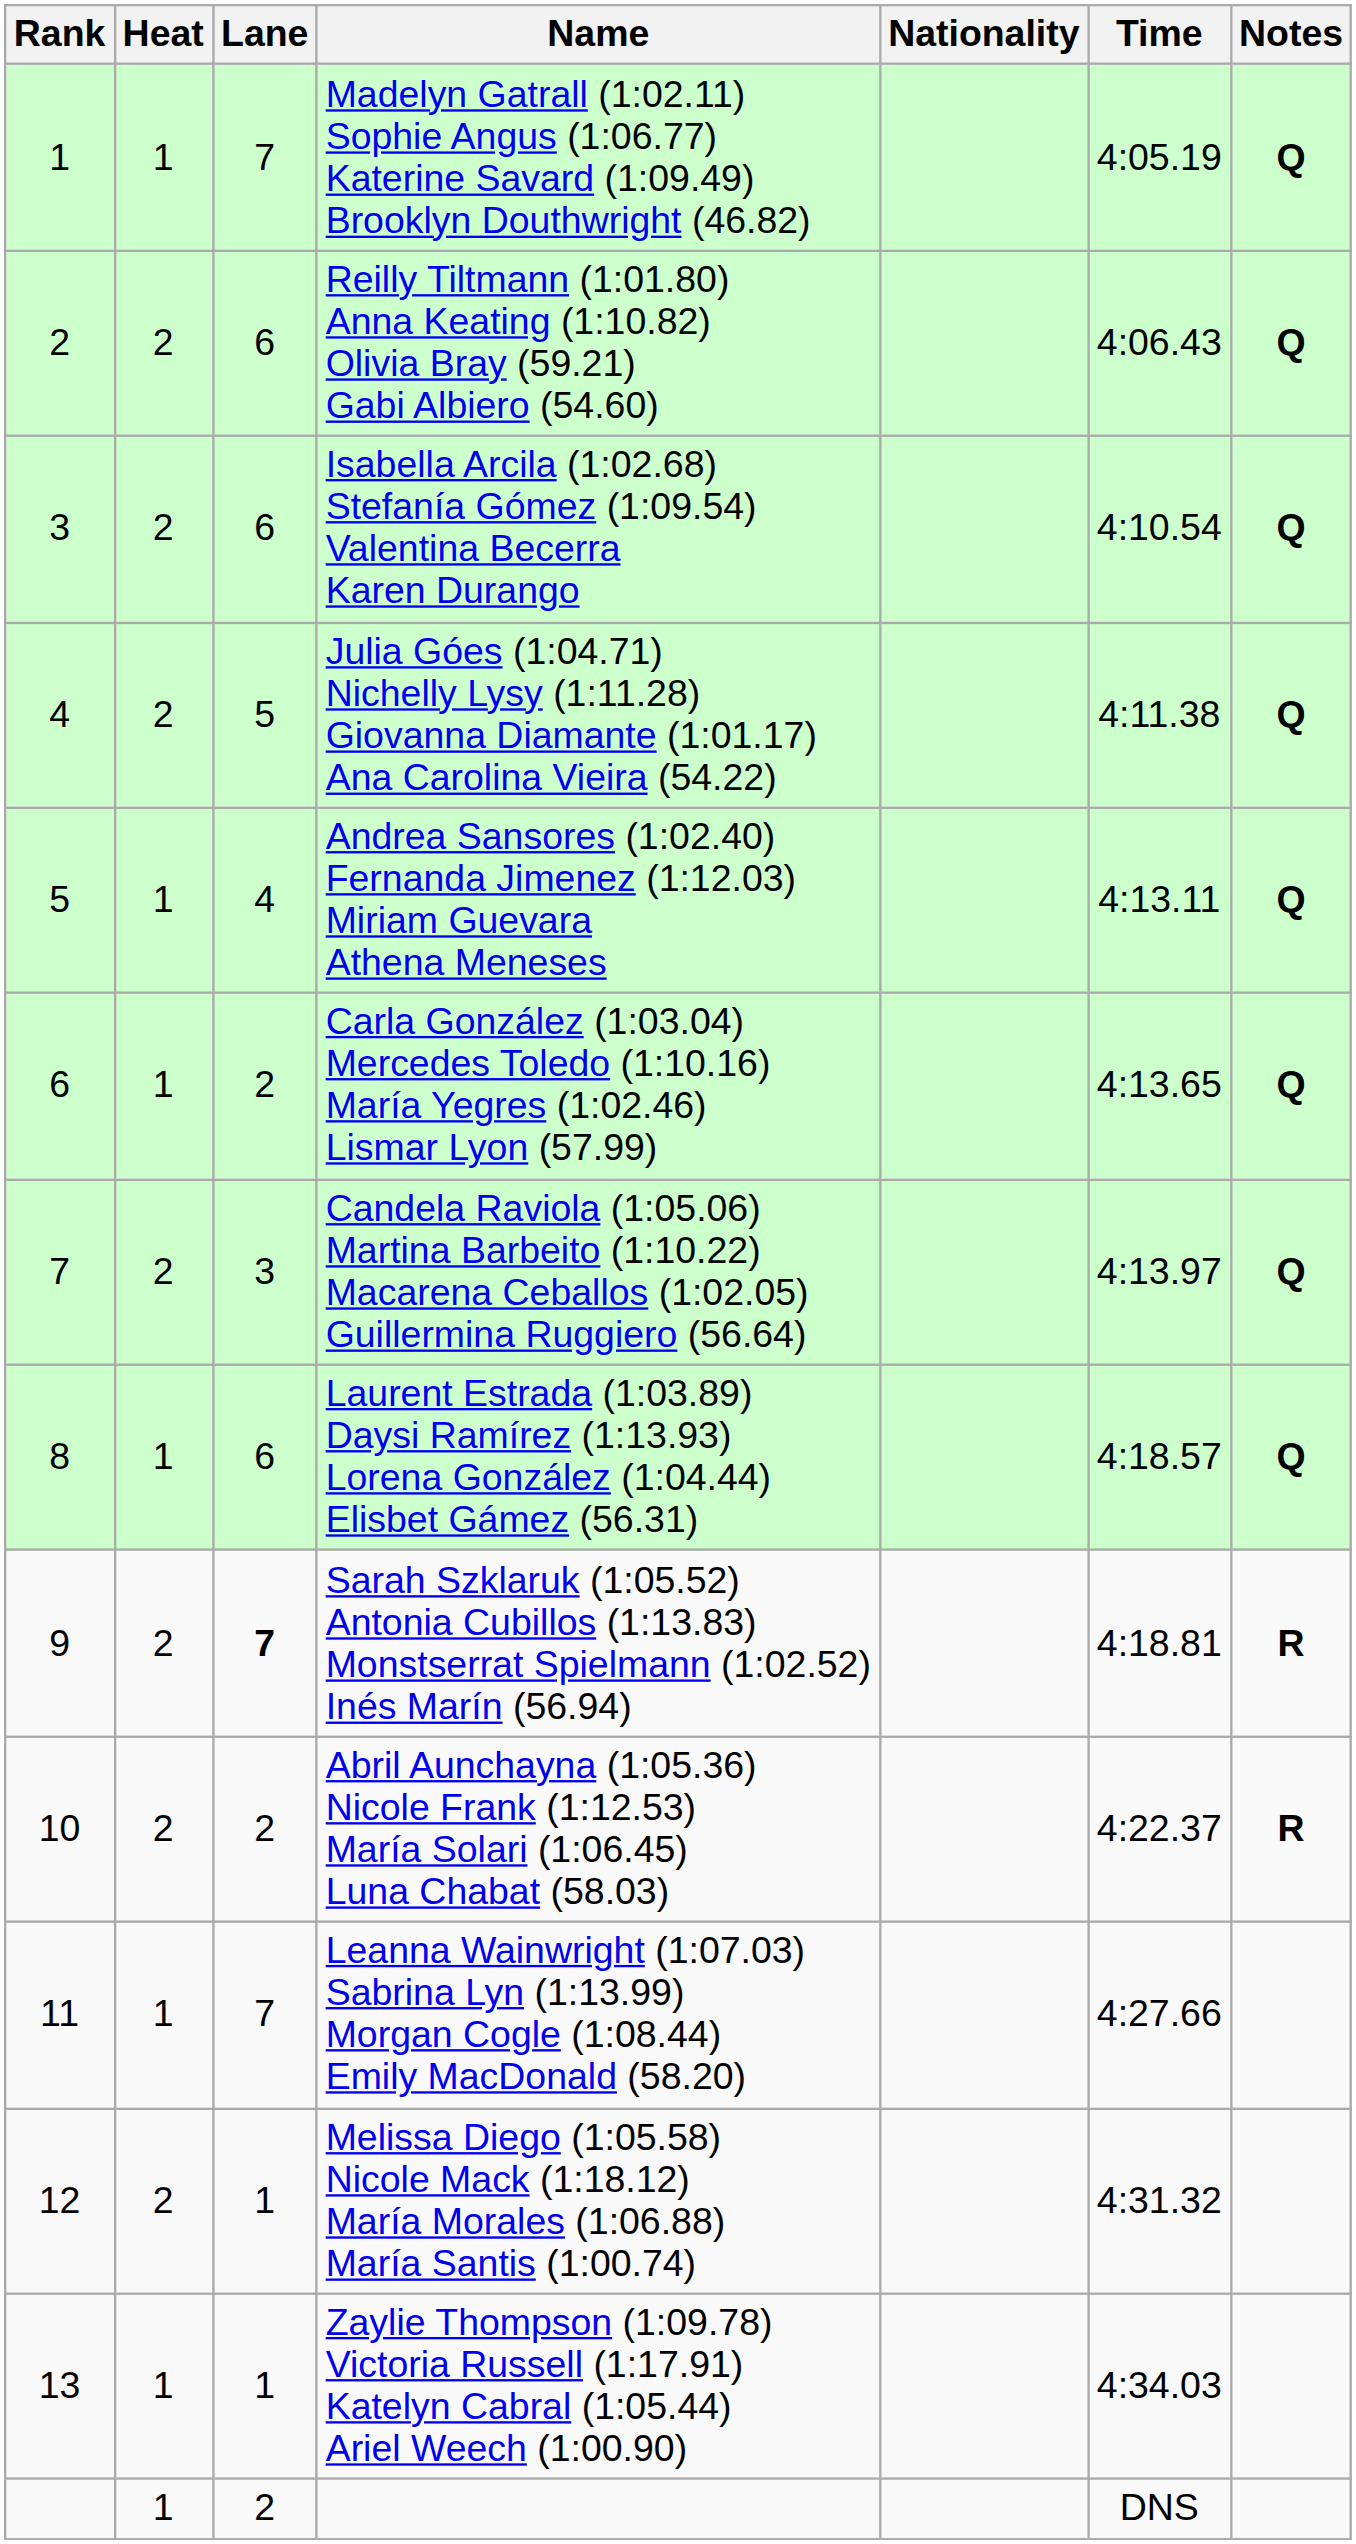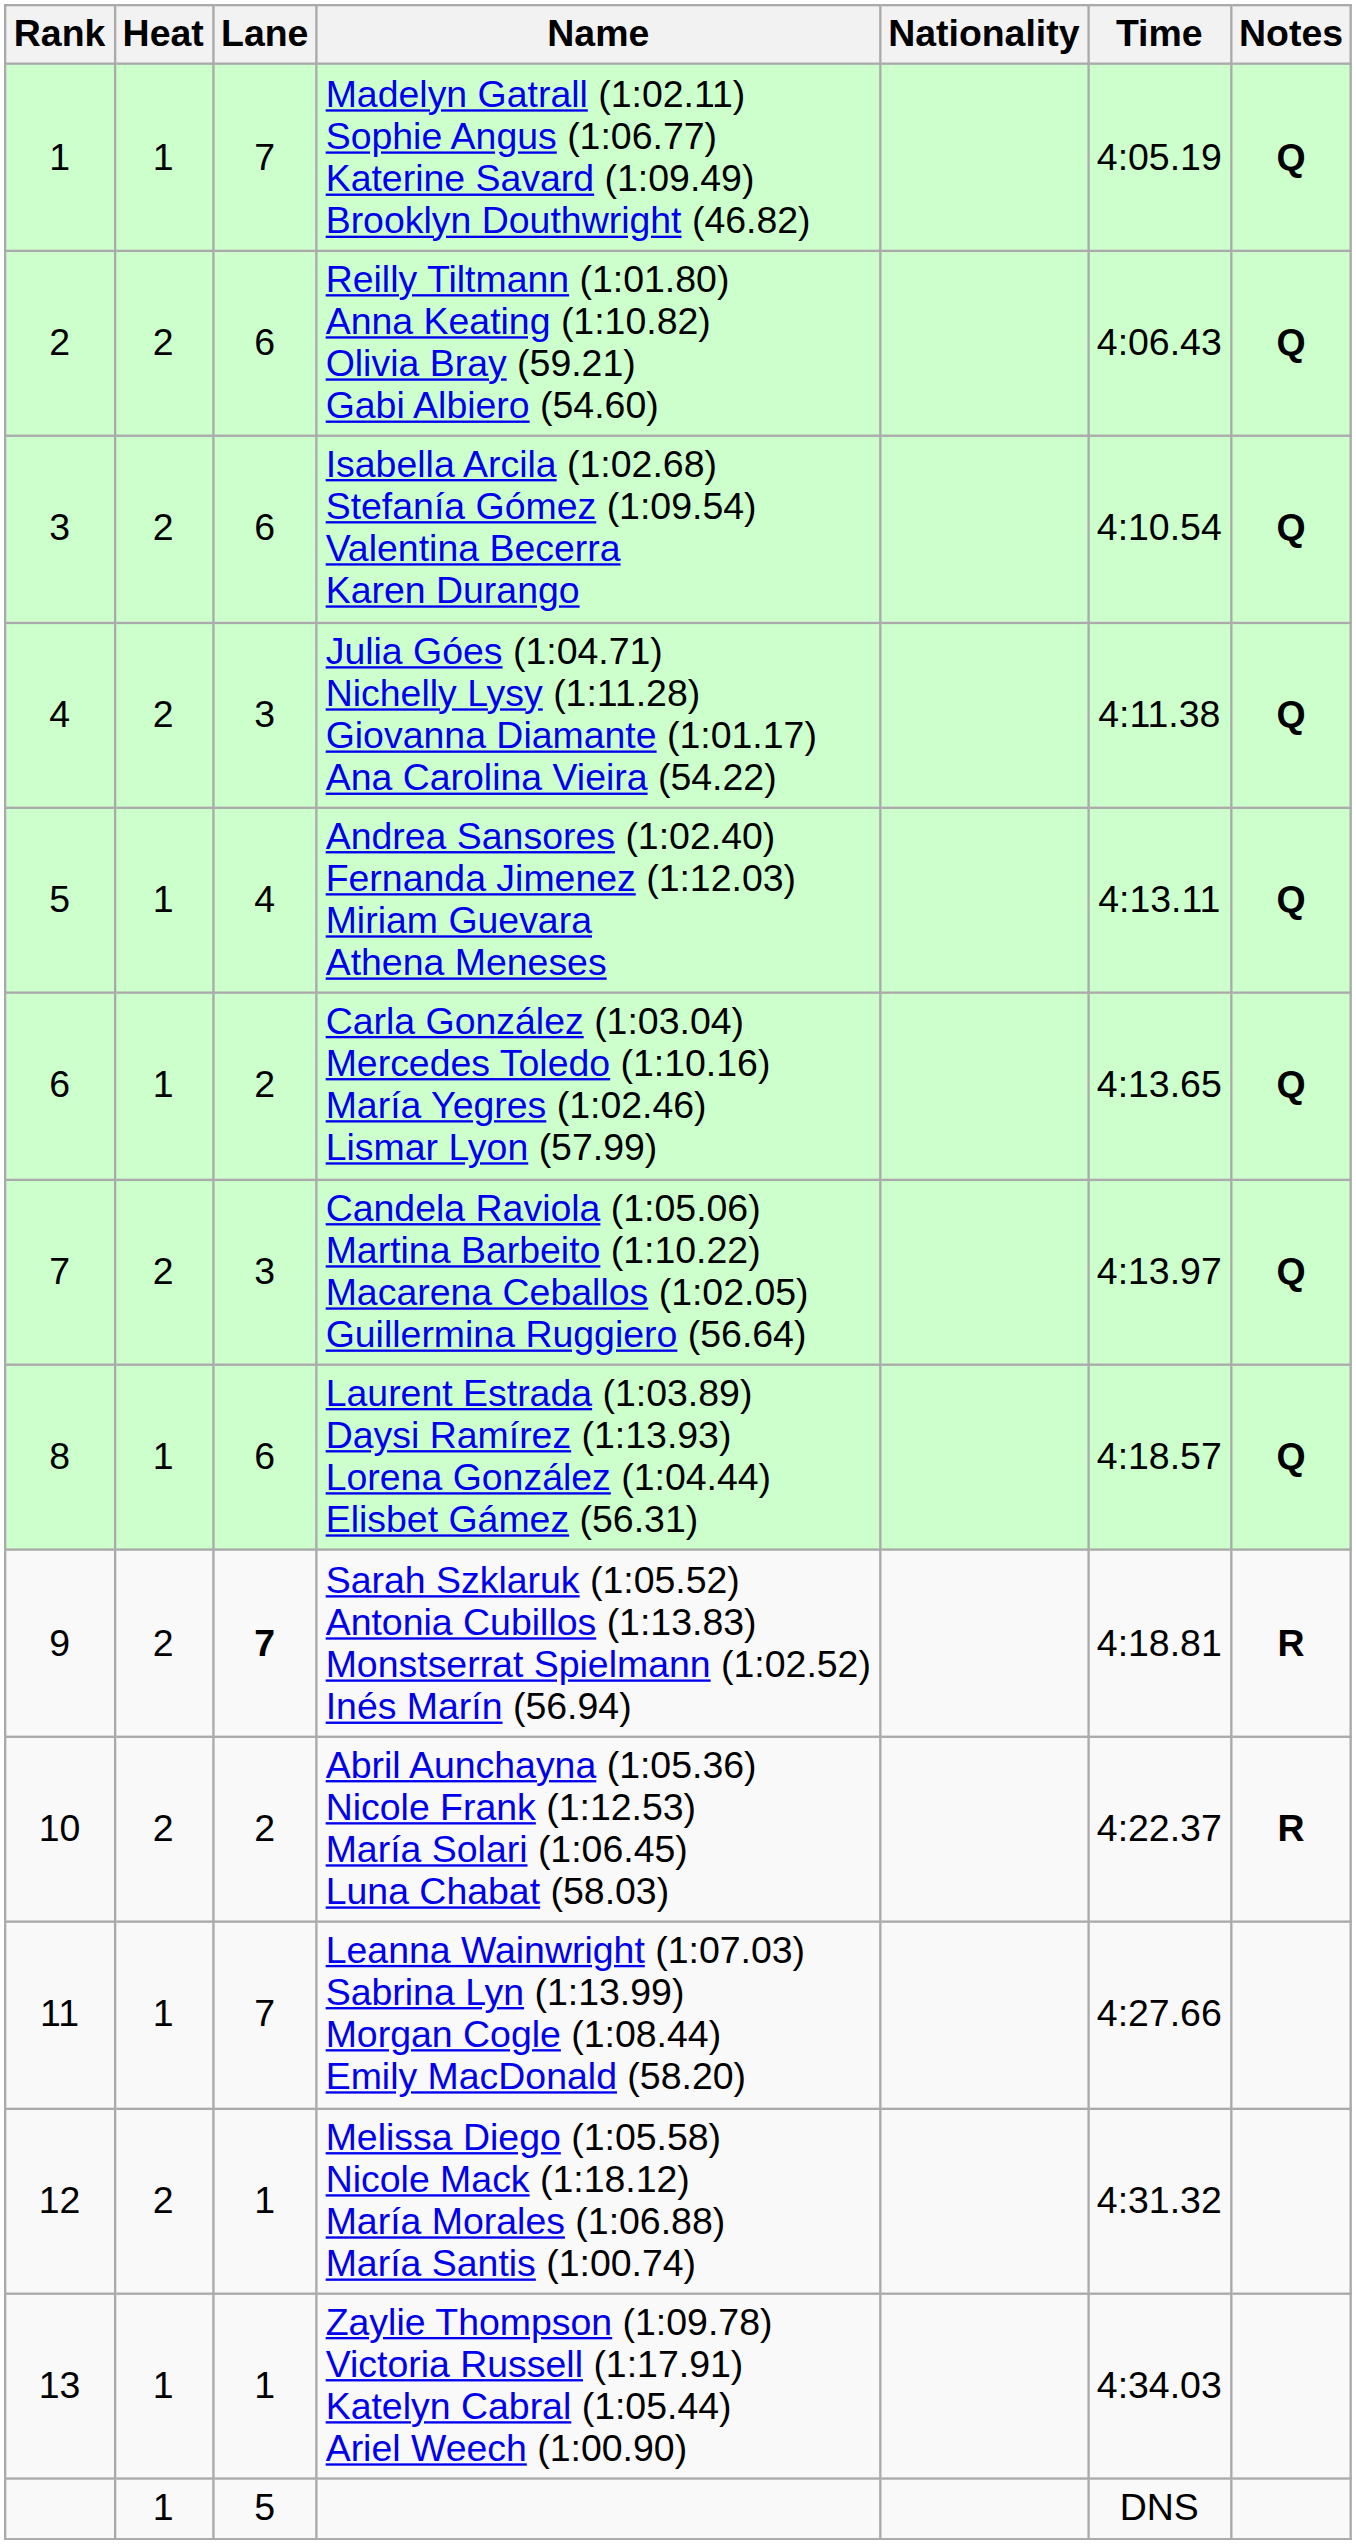 <table class="wikitable sortable" style="text-align:center">
 <tr>
 <th>Rank</th>
 <th>Heat</th>
 <th>Lane</th>
 <th>Name</th>
 <th>Nationality</th>
 <th>Time</th>
 <th>Notes</th>
 </tr>
 <tr bgcolor="ccffcc">
 <td>1</td>
 <td>1</td>
 <td>7</td>
 <td align="left"><a href='#'>Madelyn Gatrall</a> (1:02.11)<br><a href='#'>Sophie Angus</a> (1:06.77)<br><a href='#'>Katerine Savard</a> (1:09.49)<br><a href='#'>Brooklyn Douthwright</a> (46.82)</td>
 <td align="left"></td>
 <td>4:05.19</td>
 <td><strong>Q</strong></td>
 </tr>
 <tr bgcolor="ccffcc">
 <td>2</td>
 <td>2</td>
 <td>6</td>
 <td align="left"><a href='#'>Reilly Tiltmann</a> (1:01.80)<br><a href='#'>Anna Keating</a> (1:10.82)<br><a href='#'>Olivia Bray</a> (59.21)<br><a href='#'>Gabi Albiero</a> (54.60)</td>
 <td align="left"></td>
 <td>4:06.43</td>
 <td><strong>Q</strong></td>
 </tr>
 <tr bgcolor="ccffcc">
 <td>3</td>
 <td>2</td>
 <td>6</td>
 <td align="left"><a href='#'>Isabella Arcila</a> (1:02.68)<br><a href='#'>Stefanía Gómez</a> (1:09.54)<br><a href='#'>Valentina Becerra</a><br><a href='#'>Karen Durango</a></td>
 <td align="left"></td>
 <td>4:10.54</td>
 <td><strong>Q</strong></td>
 </tr>
 <tr bgcolor="ccffcc">
 <td>4</td>
 <td>2</td>
-<td>5</td>
+<td>3</td>
 <td align="left"><a href='#'>Julia Góes</a> (1:04.71)<br><a href='#'>Nichelly Lysy</a> (1:11.28)<br><a href='#'>Giovanna Diamante</a> (1:01.17)<br><a href='#'>Ana Carolina Vieira</a> (54.22)</td>
 <td align="left"></td>
 <td>4:11.38</td>
 <td><strong>Q</strong></td>
 </tr>
 <tr bgcolor="ccffcc">
 <td>5</td>
 <td>1</td>
 <td>4</td>
 <td align="left"><a href='#'>Andrea Sansores</a> (1:02.40)<br><a href='#'>Fernanda Jimenez</a> (1:12.03)<br><a href='#'>Miriam Guevara</a><br><a href='#'>Athena Meneses</a></td>
 <td align="left"></td>
 <td>4:13.11</td>
 <td><strong>Q</strong></td>
 </tr>
 <tr bgcolor="ccffcc">
 <td>6</td>
 <td>1</td>
 <td>2</td>
 <td align="left"><a href='#'>Carla González</a> (1:03.04)<br><a href='#'>Mercedes Toledo</a> (1:10.16)<br><a href='#'>María Yegres</a> (1:02.46)<br><a href='#'>Lismar Lyon</a> (57.99)</td>
 <td align="left"></td>
 <td>4:13.65</td>
 <td><strong>Q</strong></td>
 </tr>
 <tr bgcolor="ccffcc">
 <td>7</td>
 <td>2</td>
 <td>3</td>
 <td align="left"><a href='#'>Candela Raviola</a> (1:05.06)<br><a href='#'>Martina Barbeito</a> (1:10.22)<br><a href='#'>Macarena Ceballos</a> (1:02.05)<br><a href='#'>Guillermina Ruggiero</a> (56.64)</td>
 <td align="left"></td>
 <td>4:13.97</td>
 <td><strong>Q</strong></td>
 </tr>
 <tr bgcolor="ccffcc">
 <td>8</td>
 <td>1</td>
 <td>6</td>
 <td align="left"><a href='#'>Laurent Estrada</a> (1:03.89)<br><a href='#'>Daysi Ramírez</a> (1:13.93)<br><a href='#'>Lorena González</a> (1:04.44)<br><a href='#'>Elisbet Gámez</a> (56.31)</td>
 <td align="left"></td>
 <td>4:18.57</td>
 <td><strong>Q</strong></td>
 </tr>
 <tr>
 <td>9</td>
 <td>2</td>
 <td><strong>7</strong></td>
 <td align="left"><a href='#'>Sarah Szklaruk</a> (1:05.52)<br><a href='#'>Antonia Cubillos</a> (1:13.83)<br><a href='#'>Monstserrat Spielmann</a> (1:02.52)<br><a href='#'>Inés Marín</a> (56.94)</td>
 <td align="left"></td>
 <td>4:18.81</td>
 <td><strong>R</strong></td>
 </tr>
 <tr>
 <td>10</td>
 <td>2</td>
 <td>2</td>
 <td align="left"><a href='#'>Abril Aunchayna</a> (1:05.36)<br><a href='#'>Nicole Frank</a> (1:12.53)<br><a href='#'>María Solari</a> (1:06.45)<br><a href='#'>Luna Chabat</a> (58.03)</td>
 <td align="left"></td>
 <td>4:22.37</td>
 <td><strong>R</strong></td>
 </tr>
 <tr>
 <td>11</td>
 <td>1</td>
 <td>7</td>
 <td align="left"><a href='#'>Leanna Wainwright</a> (1:07.03)<br><a href='#'>Sabrina Lyn</a> (1:13.99)<br><a href='#'>Morgan Cogle</a> (1:08.44)<br><a href='#'>Emily MacDonald</a> (58.20)</td>
 <td align="left"></td>
 <td>4:27.66</td>
 <td></td>
 </tr>
 <tr>
 <td>12</td>
 <td>2</td>
 <td>1</td>
 <td align="left"><a href='#'>Melissa Diego</a> (1:05.58)<br><a href='#'>Nicole Mack</a> (1:18.12)<br><a href='#'>María Morales</a> (1:06.88)<br><a href='#'>María Santis</a> (1:00.74)</td>
 <td align="left"></td>
 <td>4:31.32</td>
 <td></td>
 </tr>
 <tr>
 <td>13</td>
 <td>1</td>
 <td>1</td>
 <td align="left"><a href='#'>Zaylie Thompson</a> (1:09.78)<br><a href='#'>Victoria Russell</a> (1:17.91)<br><a href='#'>Katelyn Cabral</a> (1:05.44)<br><a href='#'>Ariel Weech</a> (1:00.90)</td>
 <td align="left"></td>
 <td>4:34.03</td>
 <td></td>
 </tr>
 <tr>
 <td></td>
 <td>1</td>
-<td>2</td>
+<td>5</td>
 <td align="left"></td>
 <td align="left"></td>
 <td>DNS</td>
 <td></td>
 </tr>
 <tr>
 </tr>
 </table>
